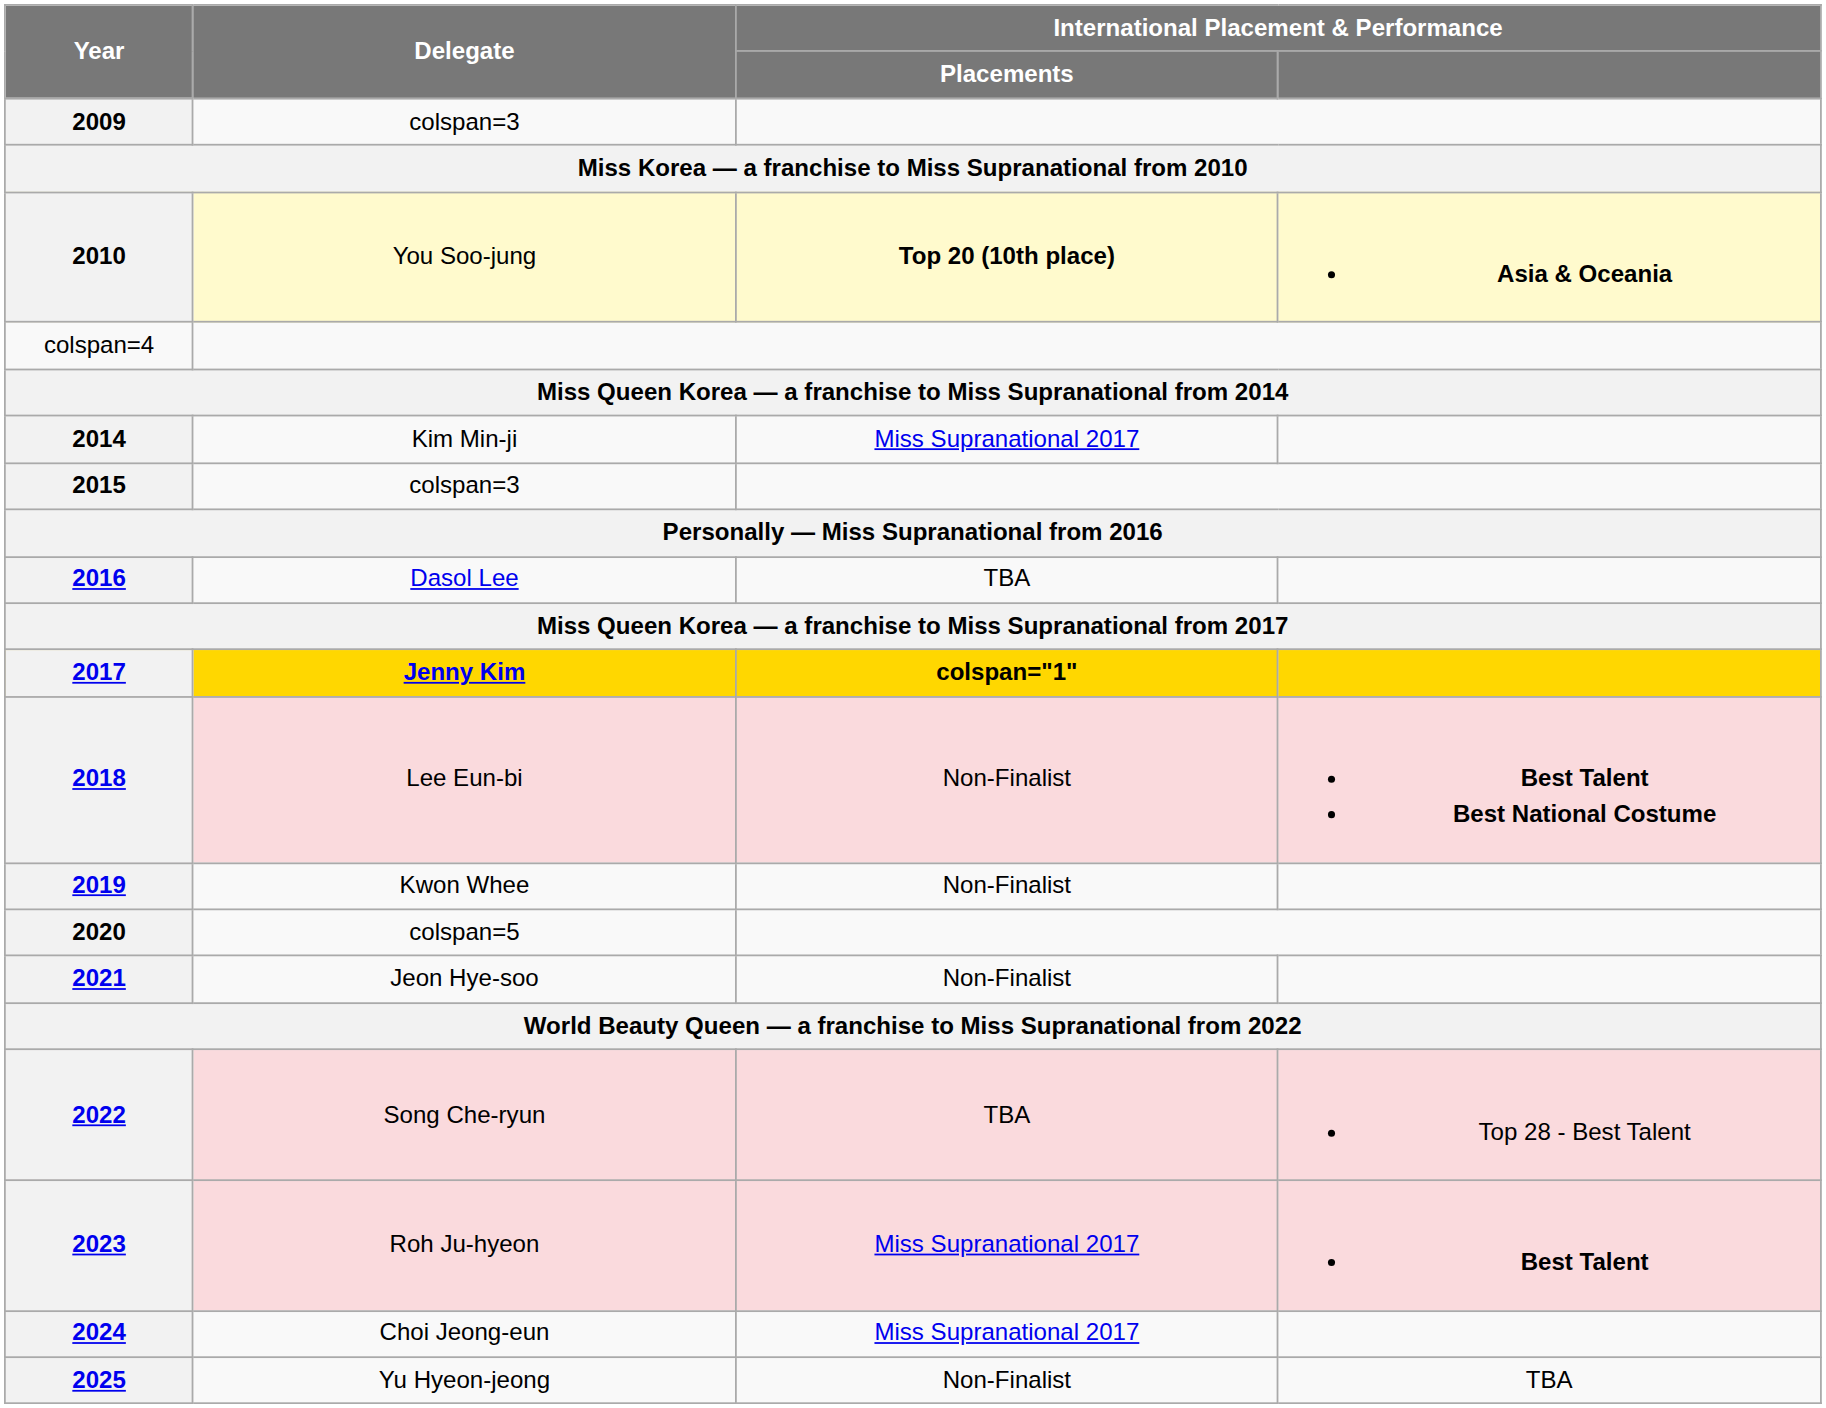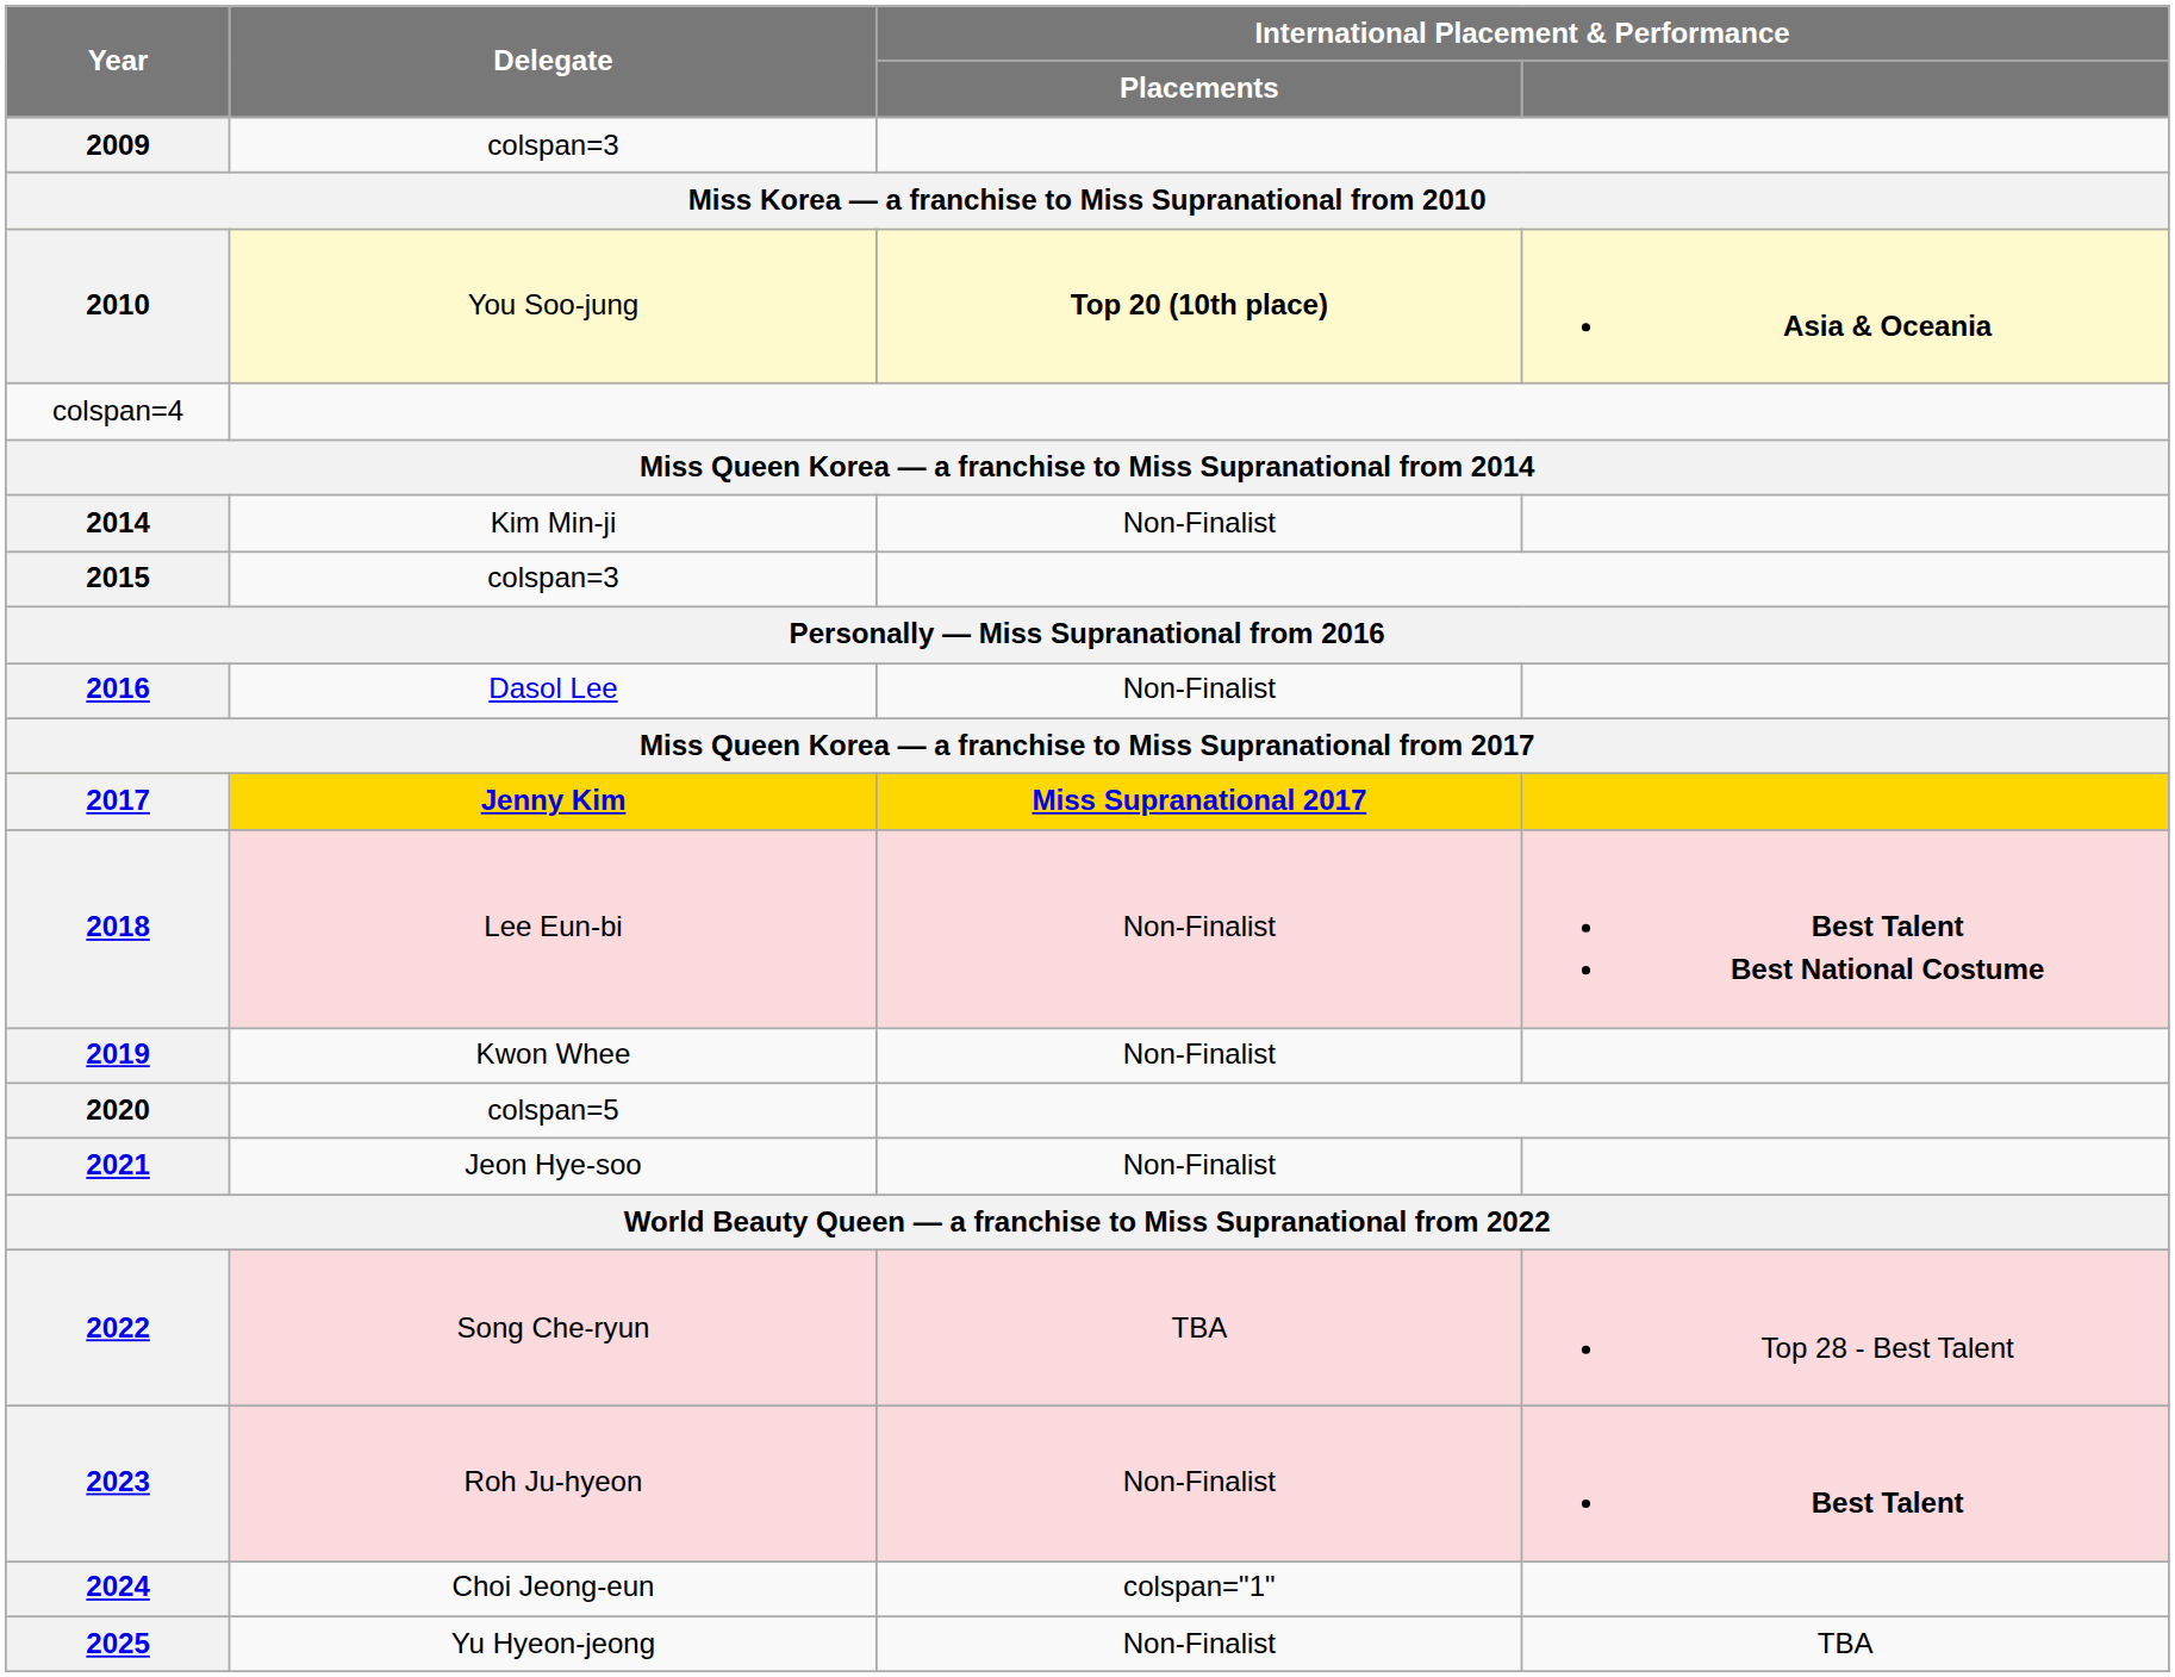 <table class="wikitable" style="text-align:center; line-height:20px; font-size:85%;">
 <tr>
 <th rowspan="2"  width=100px style="background-color:#787878;color:#FFFFFF;">Year</th>
 <th rowspan="2"  width=300px style="background-color:#787878;color:#FFFFFF;">Delegate</th>
 <th colspan="2"  width=100px style="background-color:#787878;color:#FFFFFF;">International Placement & Performance</th>
 </tr>
 <tr>
 <th width=300px style="background-color:#787878;color:#FFFFFF;">Placements</th>
 <th width=300px style="background-color:#787878;color:#FFFFFF;"></th>
 </tr>
 <tr>
 <th>2009</th>
 <td>colspan=3 </td>
 </tr>
 <tr>
 <th colspan="4">Miss Korea — a franchise to Miss Supranational from 2010</th>
 </tr>
 <tr style="background-color:#FFFACD; ">
 <th>2010</th>
 <td>You Soo-jung</td>
 <td><strong>Top 20 (10th place)</strong></td>
 <td><br><ul><li><strong>Asia & Oceania</strong></li></ul></td>
 </tr>
 <tr>
 <td>colspan=4 </td>
 </tr>
 <tr>
 <th colspan="4">Miss Queen Korea  — a franchise to Miss Supranational from 2014</th>
 </tr>
 <tr>
 <th>2014</th>
 <td>Kim Min-ji</td>
-<td><a href='#'>Miss Supranational 2017</a></td>
+<td>Non-Finalist</td>
 <td></td>
 </tr>
 <tr>
 <th>2015</th>
 <td>colspan=3 </td>
 </tr>
 <tr>
 <th colspan="4">Personally — Miss Supranational from 2016</th>
 </tr>
 <tr>
 <th><a href='#'>2016</a></th>
 <td><a href='#'>Dasol Lee</a></td>
-<td>TBA</td>
+<td>Non-Finalist</td>
 <td></td>
 </tr>
 <tr>
 <th colspan="4">Miss Queen Korea  — a franchise to Miss Supranational from 2017</th>
 </tr>
 <tr style="background:gold; font-weight: bold">
 <th><a href='#'>2017</a></th>
 <td><strong><a href='#'>Jenny Kim</a></strong></td>
-<td>colspan="1" </td>
+<td><a href='#'>Miss Supranational 2017</a></td>
 <td></td>
 </tr>
 <tr style="background-color:#FADADD;">
 <th><a href='#'>2018</a></th>
 <td>Lee Eun-bi</td>
 <td>Non-Finalist</td>
 <td><br><ul><li><strong>Best Talent</strong></li><li><strong>Best National Costume</strong></li></ul></td>
 </tr>
 <tr>
 <th><a href='#'>2019</a></th>
 <td>Kwon Whee</td>
 <td>Non-Finalist</td>
 <td></td>
 </tr>
 <tr>
 <th>2020</th>
 <td>colspan=5 </td>
 </tr>
 <tr>
 <th><a href='#'>2021</a></th>
 <td>Jeon Hye-soo</td>
 <td>Non-Finalist</td>
 <td></td>
 </tr>
 <tr>
 <th colspan="4">World Beauty Queen  — a franchise to Miss Supranational from 2022</th>
 </tr>
 <tr style="background-color:#FADADD;">
 <th><a href='#'>2022</a></th>
 <td>Song Che-ryun</td>
 <td>TBA</td>
 <td><br><ul><li>Top 28 - Best Talent</li></ul></td>
 </tr>
 <tr style="background-color:#FADADD;">
 <th><a href='#'>2023</a></th>
 <td>Roh Ju-hyeon</td>
-<td><a href='#'>Miss Supranational 2017</a></td>
+<td>Non-Finalist</td>
 <td><br><ul><li><strong>Best Talent</strong></li></ul></td>
 </tr>
 <tr>
 <th><a href='#'>2024</a></th>
 <td>Choi Jeong-eun</td>
-<td><a href='#'>Miss Supranational 2017</a></td>
+<td>colspan="1" </td>
 </tr>
 <tr>
 <th><a href='#'>2025</a></th>
 <td>Yu Hyeon-jeong</td>
 <td>Non-Finalist</td>
 <td>TBA</td>
 </tr>
 </table>
